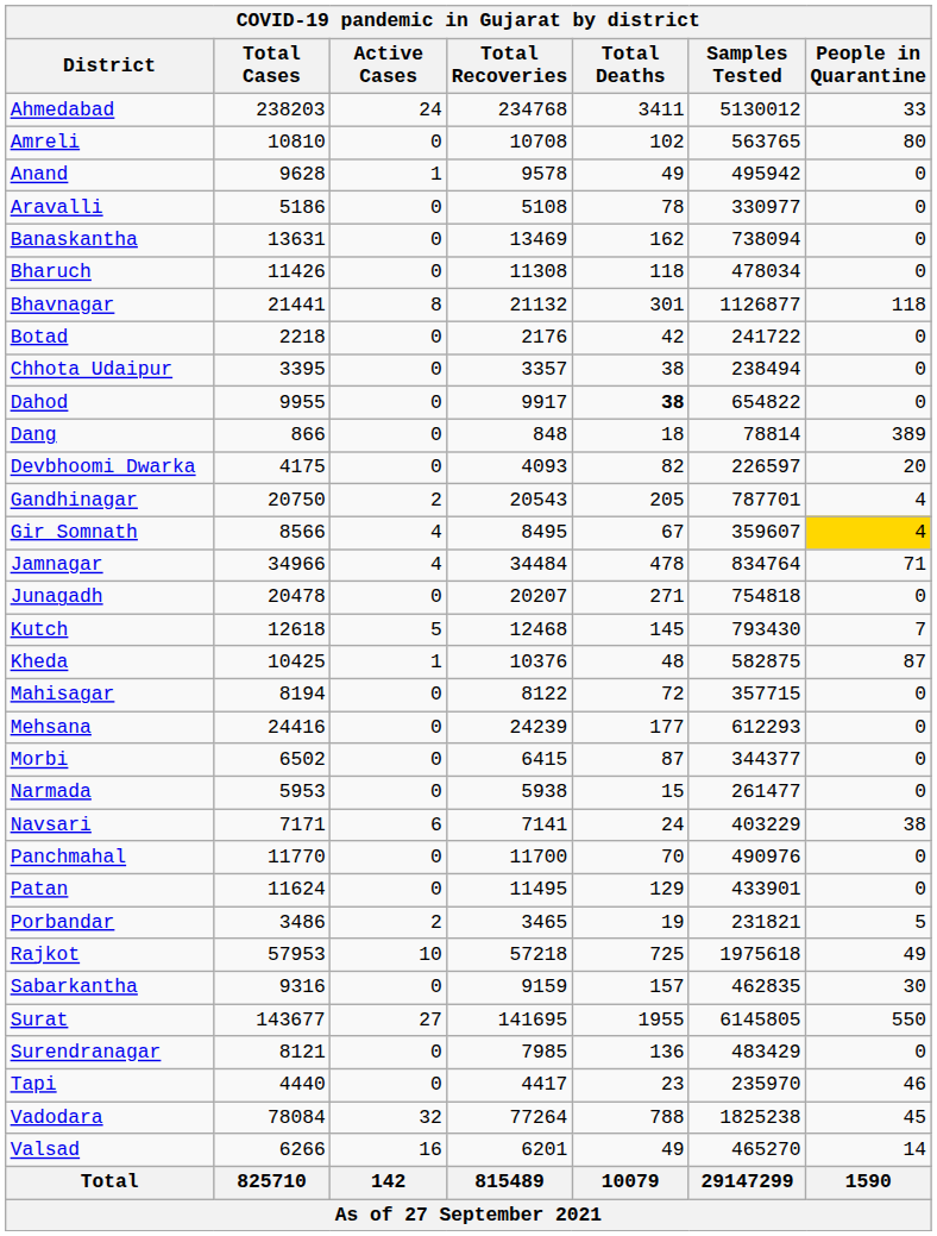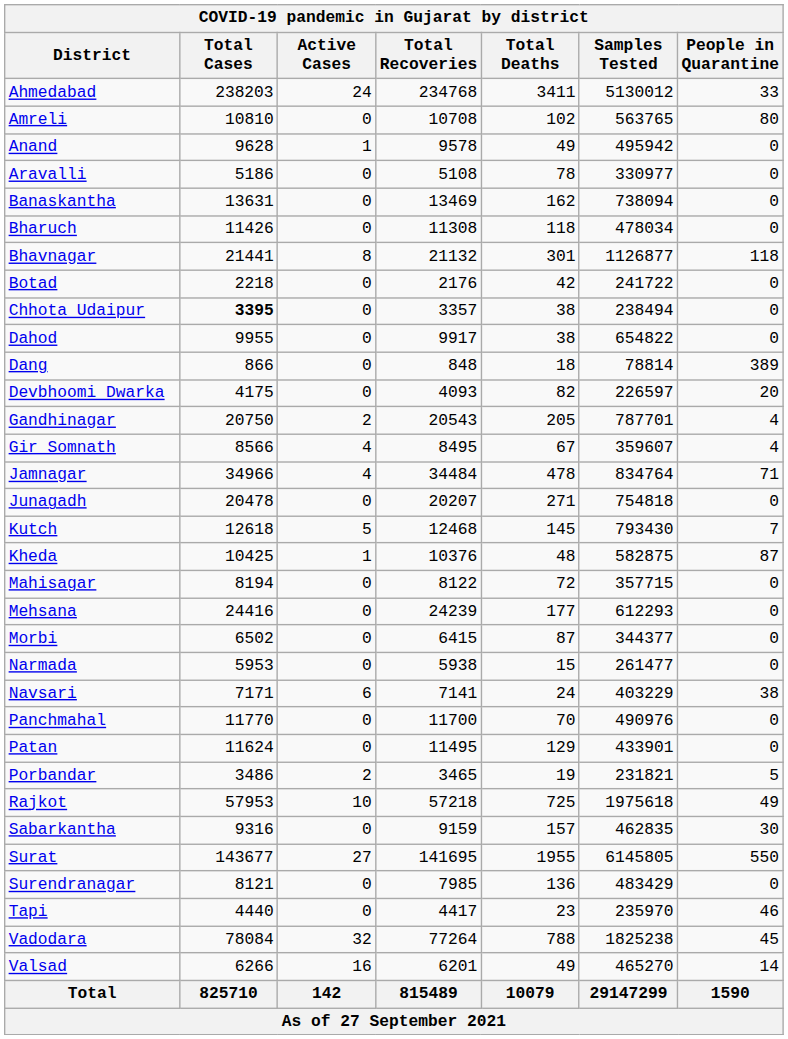 <table class="wikitable sortable" style="text-align:right; font-size:90%">
 <tr>
 <th colspan="7" style="text-align:center;">COVID-19 pandemic in Gujarat by district</th>
 </tr>
 <tr>
 <th scope="col" width="120" style="text-align:center;">District</th>
 <th scope="col" width="65" style="text-align:center;">Total Cases</th>
 <th scope="col" width="65" style="text-align:center;">Active Cases</th>
 <th scope="col" width="65" style="text-align:center;">Total Recoveries</th>
 <th scope="col" width="65" style="text-align:center;">Total Deaths</th>
 <th scope="col" width="65" style="text-align:center;">Samples Tested</th>
 <th scope="col" width="65" style="text-align:center;">People in Quarantine</th>
 </tr>
 <tr>
 <td style="text-align:left;"><a href='#'>Ahmedabad</a></td>
 <td>238203</td>
 <td>24</td>
 <td>234768</td>
 <td>3411</td>
 <td>5130012</td>
 <td>33</td>
 </tr>
 <tr>
 <td style="text-align:left;"><a href='#'>Amreli</a></td>
 <td>10810</td>
 <td>0</td>
 <td>10708</td>
 <td>102</td>
 <td>563765</td>
 <td>80</td>
 </tr>
 <tr>
 <td style="text-align:left;"><a href='#'>Anand</a></td>
 <td>9628</td>
 <td>1</td>
 <td>9578</td>
 <td>49</td>
 <td>495942</td>
 <td>0</td>
 </tr>
 <tr>
 <td style="text-align:left;"><a href='#'>Aravalli</a></td>
 <td>5186</td>
 <td>0</td>
 <td>5108</td>
 <td>78</td>
 <td>330977</td>
 <td>0</td>
 </tr>
 <tr>
 <td style="text-align:left;"><a href='#'>Banaskantha</a></td>
 <td>13631</td>
 <td>0</td>
 <td>13469</td>
 <td>162</td>
 <td>738094</td>
 <td>0</td>
 </tr>
 <tr>
 <td style="text-align:left;"><a href='#'>Bharuch</a></td>
 <td>11426</td>
 <td>0</td>
 <td>11308</td>
 <td>118</td>
 <td>478034</td>
 <td>0</td>
 </tr>
 <tr>
 <td style="text-align:left;"><a href='#'>Bhavnagar</a></td>
 <td>21441</td>
 <td>8</td>
 <td>21132</td>
 <td>301</td>
 <td>1126877</td>
 <td>118</td>
 </tr>
 <tr>
 <td style="text-align:left;"><a href='#'>Botad</a></td>
 <td>2218</td>
 <td>0</td>
 <td>2176</td>
 <td>42</td>
 <td>241722</td>
 <td>0</td>
 </tr>
 <tr>
 <td style="text-align:left;"><a href='#'>Chhota Udaipur</a></td>
-<td>3395</td>
+<td><strong>3395</strong></td>
 <td>0</td>
 <td>3357</td>
 <td>38</td>
 <td>238494</td>
 <td>0</td>
 </tr>
 <tr>
 <td style="text-align:left;"><a href='#'>Dahod</a></td>
 <td>9955</td>
 <td>0</td>
 <td>9917</td>
-<td><strong>38</strong></td>
+<td>38</td>
 <td>654822</td>
 <td>0</td>
 </tr>
 <tr>
 <td style="text-align:left;"><a href='#'>Dang</a></td>
 <td>866</td>
 <td>0</td>
 <td>848</td>
 <td>18</td>
 <td>78814</td>
 <td>389</td>
 </tr>
 <tr>
 <td style="text-align:left;"><a href='#'>Devbhoomi Dwarka</a></td>
 <td>4175</td>
 <td>0</td>
 <td>4093</td>
 <td>82</td>
 <td>226597</td>
 <td>20</td>
 </tr>
 <tr>
 <td style="text-align:left;"><a href='#'>Gandhinagar</a></td>
 <td>20750</td>
 <td>2</td>
 <td>20543</td>
 <td>205</td>
 <td>787701</td>
 <td>4</td>
 </tr>
 <tr>
 <td style="text-align:left;"><a href='#'>Gir Somnath</a></td>
 <td>8566</td>
 <td>4</td>
 <td>8495</td>
 <td>67</td>
 <td>359607</td>
-<td style="background: gold;">4</td>
+<td>4</td>
 </tr>
 <tr>
 <td style="text-align:left;"><a href='#'>Jamnagar</a></td>
 <td>34966</td>
 <td>4</td>
 <td>34484</td>
 <td>478</td>
 <td>834764</td>
 <td>71</td>
 </tr>
 <tr>
 <td style="text-align:left;"><a href='#'>Junagadh</a></td>
 <td>20478</td>
 <td>0</td>
 <td>20207</td>
 <td>271</td>
 <td>754818</td>
 <td>0</td>
 </tr>
 <tr>
 <td style="text-align:left;"><a href='#'>Kutch</a></td>
 <td>12618</td>
 <td>5</td>
 <td>12468</td>
 <td>145</td>
 <td>793430</td>
 <td>7</td>
 </tr>
 <tr>
 <td style="text-align:left;"><a href='#'>Kheda</a></td>
 <td>10425</td>
 <td>1</td>
 <td>10376</td>
 <td>48</td>
 <td>582875</td>
 <td>87</td>
 </tr>
 <tr>
 <td style="text-align:left;"><a href='#'>Mahisagar</a></td>
 <td>8194</td>
 <td>0</td>
 <td>8122</td>
 <td>72</td>
 <td>357715</td>
 <td>0</td>
 </tr>
 <tr>
 <td style="text-align:left;"><a href='#'>Mehsana</a></td>
 <td>24416</td>
 <td>0</td>
 <td>24239</td>
 <td>177</td>
 <td>612293</td>
 <td>0</td>
 </tr>
 <tr>
 <td style="text-align:left;"><a href='#'>Morbi</a></td>
 <td>6502</td>
 <td>0</td>
 <td>6415</td>
 <td>87</td>
 <td>344377</td>
 <td>0</td>
 </tr>
 <tr>
 <td style="text-align:left;"><a href='#'>Narmada</a></td>
 <td>5953</td>
 <td>0</td>
 <td>5938</td>
 <td>15</td>
 <td>261477</td>
 <td>0</td>
 </tr>
 <tr>
 <td style="text-align:left;"><a href='#'>Navsari</a></td>
 <td>7171</td>
 <td>6</td>
 <td>7141</td>
 <td>24</td>
 <td>403229</td>
 <td>38</td>
 </tr>
 <tr>
 <td style="text-align:left;"><a href='#'>Panchmahal</a></td>
 <td>11770</td>
 <td>0</td>
 <td>11700</td>
 <td>70</td>
 <td>490976</td>
 <td>0</td>
 </tr>
 <tr>
 <td style="text-align:left;"><a href='#'>Patan</a></td>
 <td>11624</td>
 <td>0</td>
 <td>11495</td>
 <td>129</td>
 <td>433901</td>
 <td>0</td>
 </tr>
 <tr>
 <td style="text-align:left;"><a href='#'>Porbandar</a></td>
 <td>3486</td>
 <td>2</td>
 <td>3465</td>
 <td>19</td>
 <td>231821</td>
 <td>5</td>
 </tr>
 <tr>
 <td style="text-align:left;"><a href='#'>Rajkot</a></td>
 <td>57953</td>
 <td>10</td>
 <td>57218</td>
 <td>725</td>
 <td>1975618</td>
 <td>49</td>
 </tr>
 <tr>
 <td style="text-align:left;"><a href='#'>Sabarkantha</a></td>
 <td>9316</td>
 <td>0</td>
 <td>9159</td>
 <td>157</td>
 <td>462835</td>
 <td>30</td>
 </tr>
 <tr>
 <td style="text-align:left;"><a href='#'>Surat</a></td>
 <td>143677</td>
 <td>27</td>
 <td>141695</td>
 <td>1955</td>
 <td>6145805</td>
 <td>550</td>
 </tr>
 <tr>
 <td style="text-align:left;"><a href='#'>Surendranagar</a></td>
 <td>8121</td>
 <td>0</td>
 <td>7985</td>
 <td>136</td>
 <td>483429</td>
 <td>0</td>
 </tr>
 <tr>
 <td style="text-align:left;"><a href='#'>Tapi</a></td>
 <td>4440</td>
 <td>0</td>
 <td>4417</td>
 <td>23</td>
 <td>235970</td>
 <td>46</td>
 </tr>
 <tr>
 <td style="text-align:left;"><a href='#'>Vadodara</a></td>
 <td>78084</td>
 <td>32</td>
 <td>77264</td>
 <td>788</td>
 <td>1825238</td>
 <td>45</td>
 </tr>
 <tr>
 <td style="text-align:left;"><a href='#'>Valsad</a></td>
 <td>6266</td>
 <td>16</td>
 <td>6201</td>
 <td>49</td>
 <td>465270</td>
 <td>14</td>
 </tr>
 <tr>
 <th style="text-align:center;"><strong>Total</strong></th>
 <th style="text-align:center;">825710</th>
 <th style="text-align:center;">142</th>
 <th style="text-align:center;">815489</th>
 <th style="text-align:center;">10079</th>
 <th style="text-align:center;">29147299</th>
 <th style="text-align:center;">1590</th>
 </tr>
 <tr>
 <th colspan="7" style="text-align:center;">As of 27 September 2021</th>
 </tr>
 </table>
